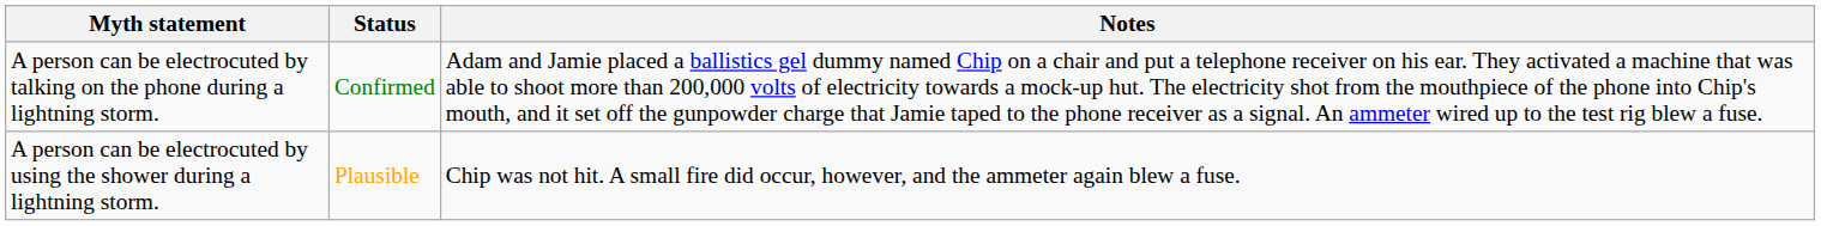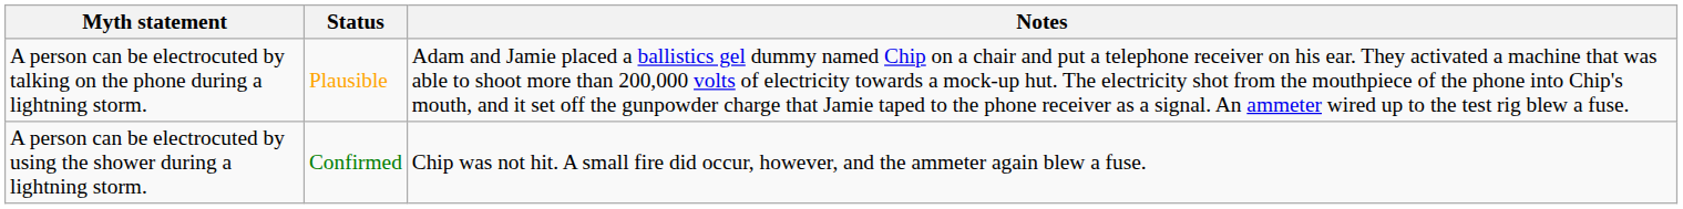 <table class="wikitable plainrowheaders">
 <tr>
 <th>Myth statement</th>
 <th>Status</th>
 <th>Notes</th>
 </tr>
 <tr>
 <td>A person can be electrocuted by talking on the phone during a lightning storm.</td>
-<td style="color:green">Confirmed</td>
+<td style="color:orange">Plausible</td>
 <td>Adam and Jamie placed a <a href='#'>ballistics gel</a> dummy named <a href='#'>Chip</a> on a chair and put a telephone receiver on his ear. They activated a machine that was able to shoot more than 200,000 <a href='#'>volts</a> of electricity towards a mock-up hut. The electricity shot from the mouthpiece of the phone into Chip's mouth, and it set off the gunpowder charge that Jamie taped to the phone receiver as a signal. An <a href='#'>ammeter</a> wired up to the test rig blew a fuse.</td>
 </tr>
 <tr>
 <td>A person can be electrocuted by using the shower during a lightning storm.</td>
-<td style="color:orange">Plausible</td>
+<td style="color:green">Confirmed</td>
 <td>Chip was not hit. A small fire did occur, however, and the ammeter again blew a fuse.</td>
 </tr>
 </table>
